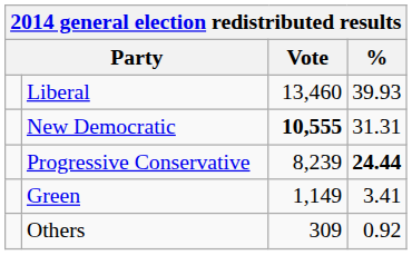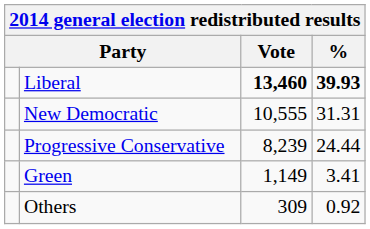 <table class="wikitable">
 <tr>
 <th colspan="4"><a href='#'>2014 general election</a> redistributed results</th>
 </tr>
 <tr>
 <th bgcolor="#DDDDFF" width="130px" colspan="2">Party</th>
 <th bgcolor="#DDDDFF" width="50px">Vote</th>
 <th bgcolor="#DDDDFF" width="30px">%</th>
 </tr>
 <tr>
 <td> </td>
 <td><a href='#'>Liberal</a></td>
-<td align=right>13,460</td>
-<td align=right>39.93</td>
+<td align=right><strong>13,460</strong></td>
+<td align=right><strong>39.93</strong></td>
 </tr>
 <tr>
 <td> </td>
 <td><a href='#'>New Democratic</a></td>
-<td align=right><strong>10,555</strong></td>
+<td align=right>10,555</td>
 <td align=right>31.31</td>
 </tr>
 <tr>
 <td> </td>
 <td><a href='#'>Progressive Conservative</a></td>
 <td align=right>8,239</td>
-<td align=right><strong>24.44</strong></td>
+<td align=right>24.44</td>
 </tr>
 <tr>
 <td> </td>
 <td><a href='#'>Green</a></td>
 <td align=right>1,149</td>
 <td align=right>3.41</td>
 </tr>
 <tr>
 <td> </td>
 <td>Others</td>
 <td align=right>309</td>
 <td align=right>0.92</td>
 </tr>
 </table>
